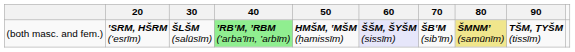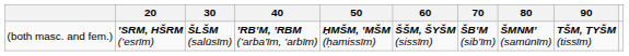 <table class="wikitable">
 <tr>
 <th></th>
 <th>20</th>
 <th>30</th>
 <th>40</th>
 <th>50</th>
 <th>60</th>
 <th>70</th>
 <th>80</th>
 <th>90</th>
 </tr>
 <tr>
 <td>(both masc. and fem.)</td>
 <td><em> <strong>‛SRM, HŠRM </strong> <br>(‛esrīm)</em></td>
 <td><em> <strong>ŠLŠM</strong> <br>(salūsīm)</em></td>
-<td style="background: lightgreen;"><em> <strong>’RB‛M, ’RBM</strong> <br>(’arba‛īm, ’arbīm)</em></td>
+<td><em> <strong>’RB‛M, ’RBM</strong> <br>(’arba‛īm, ’arbīm)</em></td>
 <td><em> <strong>ḤMŠM, ‛MŠM</strong> <br>(ḥamissīm)</em></td>
-<td style="background: lavender;"><em> <strong>ŠŠM, ŠYŠM</strong> <br>(sissīm)</em></td>
+<td><em> <strong>ŠŠM, ŠYŠM</strong> <br>(sissīm)</em></td>
 <td><em> <strong>ŠB‛M</strong> <br>(sib‛īm)</em></td>
-<td style="background: khaki;"><em> <strong>ŠMNM’</strong> <br>(samūnīm)</em></td>
+<td><em> <strong>ŠMNM’</strong> <br>(samūnīm)</em></td>
 <td><em> <strong>TŠM, ṬYŠM</strong> <br>(tissīm)</em></td>
 <td></td>
 </tr>
 </table>
